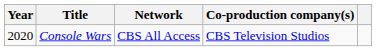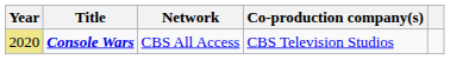 <table class="wikitable sortable">
 <tr>
 <th>Year</th>
 <th>Title</th>
 <th>Network</th>
 <th>Co-production company(s)</th>
 <th class="unsortable" width="10"></th>
 </tr>
 <tr>
-<td>2020</td>
-<td><em><a href='#'>Console Wars</a></em></td>
+<td style="background: khaki;">2020</td>
+<td><strong><em><a href='#'>Console Wars</a></em></strong></td>
 <td><a href='#'>CBS All Access</a></td>
 <td><a href='#'>CBS Television Studios</a></td>
 <td></td>
 </tr>
 </table>
